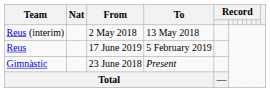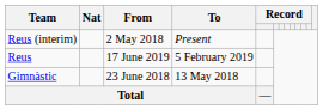 <table class="wikitable" style="text-align: center">
 <tr>
 <th rowspan="2">Team</th>
 <th rowspan="2">Nat</th>
 <th rowspan="2">From</th>
 <th rowspan="2">To</th>
 <th colspan="8">Record</th>
 <th rowspan=2></th>
 </tr>
 <tr>
 <th></th>
 <th></th>
 <th></th>
 <th></th>
 <th></th>
 <th></th>
 <th></th>
 <th></th>
 </tr>
 <tr>
 <td align="left"><a href='#'>Reus</a> (interim)</td>
 <td></td>
 <td align=left>2 May 2018</td>
-<td align=left>13 May 2018<br></td>
+<td align=left><em>Present</em><br></td>
 <td></td>
 </tr>
 <tr>
 <td align="left"><a href='#'>Reus</a></td>
 <td></td>
 <td align=left>17 June 2019</td>
 <td align=left>5 February 2019<br></td>
 <td></td>
 </tr>
 <tr>
 <td align="left"><a href='#'>Gimnàstic</a></td>
 <td></td>
 <td align=left>23 June 2018</td>
-<td align=left><em>Present</em><br></td>
+<td align=left>13 May 2018<br></td>
 <td></td>
 </tr>
 <tr>
 <th colspan="4">Total<br></th>
 <th>—</th>
 </tr>
 </table>
